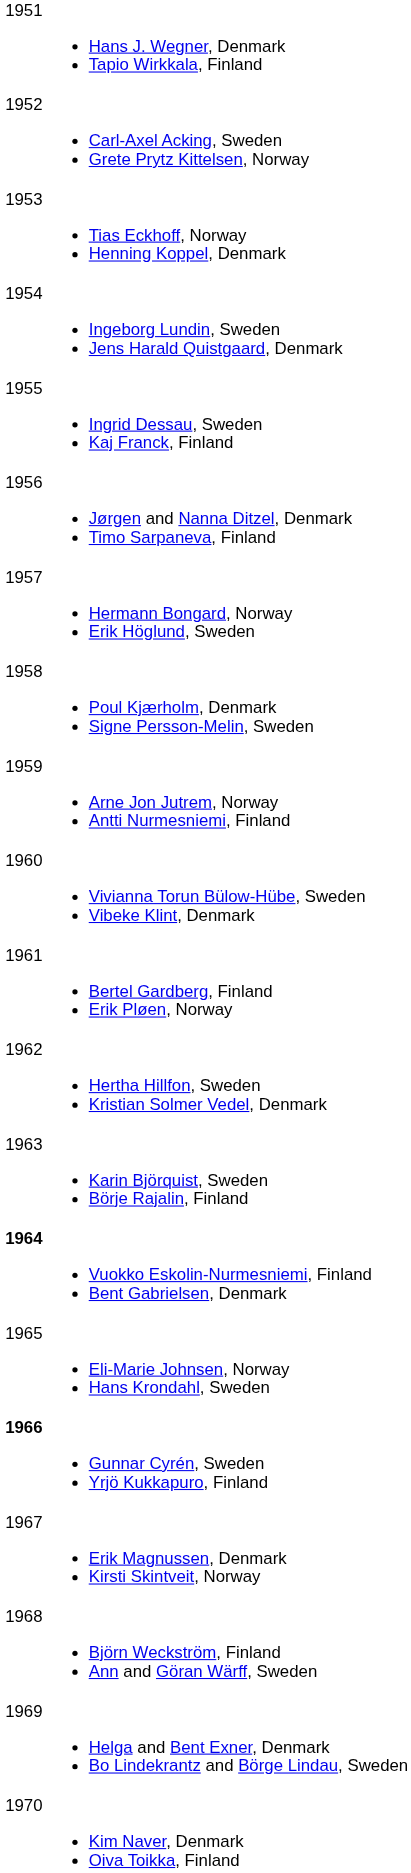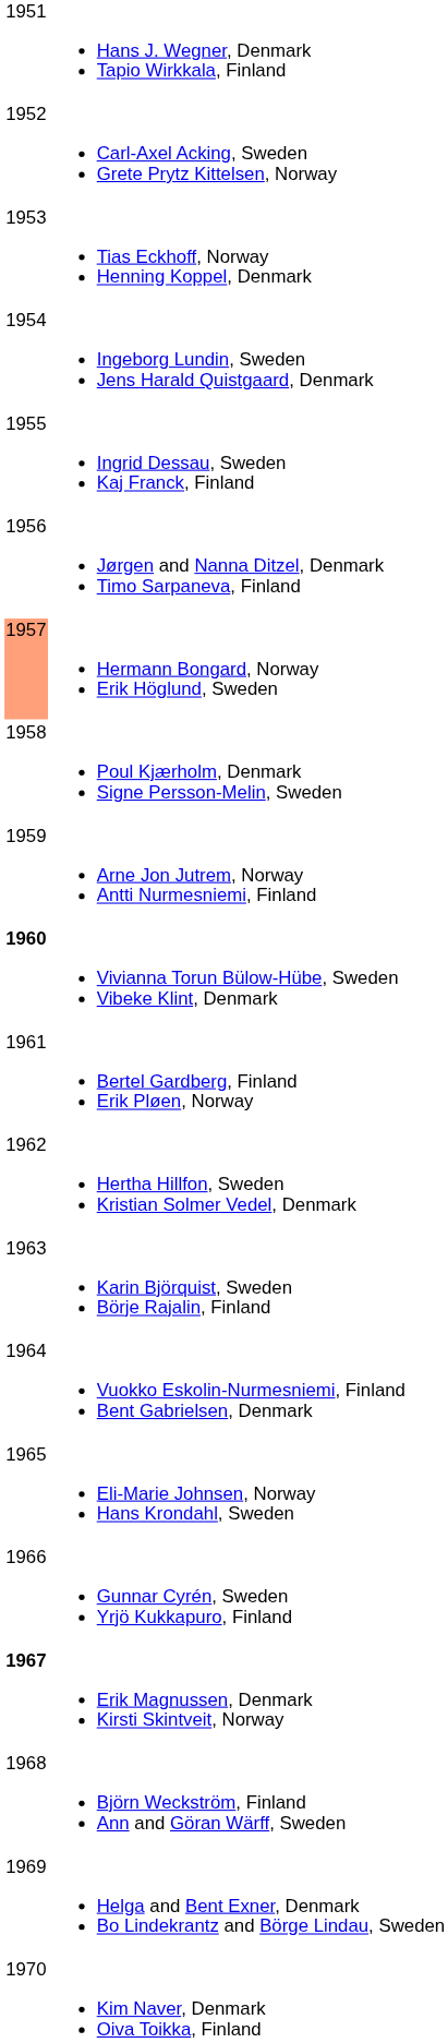 <table>
 <tr>
 <td valign="top">1951</td>
 <td><br><ul><li><a href='#'>Hans J. Wegner</a>, Denmark</li><li><a href='#'>Tapio Wirkkala</a>, Finland</li></ul></td>
 </tr>
 <tr>
 <td valign="top">1952</td>
 <td><br><ul><li><a href='#'>Carl-Axel Acking</a>, Sweden</li><li><a href='#'>Grete Prytz Kittelsen</a>, Norway</li></ul></td>
 </tr>
 <tr>
 <td valign="top">1953</td>
 <td><br><ul><li><a href='#'>Tias Eckhoff</a>, Norway</li><li><a href='#'>Henning Koppel</a>, Denmark</li></ul></td>
 </tr>
 <tr>
 <td valign="top">1954</td>
 <td><br><ul><li><a href='#'>Ingeborg Lundin</a>, Sweden</li><li><a href='#'>Jens Harald Quistgaard</a>, Denmark</li></ul></td>
 </tr>
 <tr>
 <td valign="top">1955</td>
 <td><br><ul><li><a href='#'>Ingrid Dessau</a>, Sweden</li><li><a href='#'>Kaj Franck</a>, Finland</li></ul></td>
 </tr>
 <tr>
 <td valign="top">1956</td>
 <td><br><ul><li><a href='#'>Jørgen</a> and <a href='#'>Nanna Ditzel</a>, Denmark</li><li><a href='#'>Timo Sarpaneva</a>, Finland</li></ul></td>
 </tr>
 <tr>
-<td valign="top">1957</td>
+<td valign="top" style="background: lightsalmon;">1957</td>
 <td><br><ul><li><a href='#'>Hermann Bongard</a>, Norway</li><li><a href='#'>Erik Höglund</a>, Sweden</li></ul></td>
 </tr>
 <tr>
 <td valign="top">1958</td>
 <td><br><ul><li><a href='#'>Poul Kjærholm</a>, Denmark</li><li><a href='#'>Signe Persson-Melin</a>, Sweden</li></ul></td>
 </tr>
 <tr>
 <td valign="top">1959</td>
 <td><br><ul><li><a href='#'>Arne Jon Jutrem</a>, Norway</li><li><a href='#'>Antti Nurmesniemi</a>, Finland</li></ul></td>
 </tr>
 <tr>
-<td valign="top">1960</td>
+<td valign="top"><strong>1960</strong></td>
 <td><br><ul><li><a href='#'>Vivianna Torun Bülow-Hübe</a>, Sweden</li><li><a href='#'>Vibeke Klint</a>, Denmark</li></ul></td>
 </tr>
 <tr>
 <td valign="top">1961</td>
 <td><br><ul><li><a href='#'>Bertel Gardberg</a>, Finland</li><li><a href='#'>Erik Pløen</a>, Norway</li></ul></td>
 </tr>
 <tr>
 <td valign="top">1962</td>
 <td><br><ul><li><a href='#'>Hertha Hillfon</a>, Sweden</li><li><a href='#'>Kristian Solmer Vedel</a>, Denmark</li></ul></td>
 </tr>
 <tr>
 <td valign="top">1963</td>
 <td><br><ul><li><a href='#'>Karin Björquist</a>, Sweden</li><li><a href='#'>Börje Rajalin</a>, Finland</li></ul></td>
 </tr>
 <tr>
-<td valign="top"><strong>1964</strong></td>
+<td valign="top">1964</td>
 <td><br><ul><li><a href='#'>Vuokko Eskolin-Nurmesniemi</a>, Finland</li><li><a href='#'>Bent Gabrielsen</a>, Denmark</li></ul></td>
 </tr>
 <tr>
 <td valign="top">1965</td>
 <td><br><ul><li><a href='#'>Eli-Marie Johnsen</a>, Norway</li><li><a href='#'>Hans Krondahl</a>, Sweden</li></ul></td>
 </tr>
 <tr>
-<td valign="top"><strong>1966</strong></td>
+<td valign="top">1966</td>
 <td><br><ul><li><a href='#'>Gunnar Cyrén</a>, Sweden</li><li><a href='#'>Yrjö Kukkapuro</a>, Finland</li></ul></td>
 </tr>
 <tr>
-<td valign="top">1967</td>
+<td valign="top"><strong>1967</strong></td>
 <td><br><ul><li><a href='#'>Erik Magnussen</a>, Denmark</li><li><a href='#'>Kirsti Skintveit</a>, Norway</li></ul></td>
 </tr>
 <tr>
 <td valign="top">1968</td>
 <td><br><ul><li><a href='#'>Björn Weckström</a>, Finland</li><li><a href='#'>Ann</a> and <a href='#'>Göran Wärff</a>, Sweden</li></ul></td>
 </tr>
 <tr>
 <td valign="top">1969</td>
 <td><br><ul><li><a href='#'>Helga</a> and <a href='#'>Bent Exner</a>, Denmark</li><li><a href='#'>Bo Lindekrantz</a> and <a href='#'>Börge Lindau</a>, Sweden</li></ul></td>
 </tr>
 <tr>
 <td valign="top">1970</td>
 <td><br><ul><li><a href='#'>Kim Naver</a>, Denmark</li><li><a href='#'>Oiva Toikka</a>, Finland</li></ul></td>
 </tr>
 </table>
